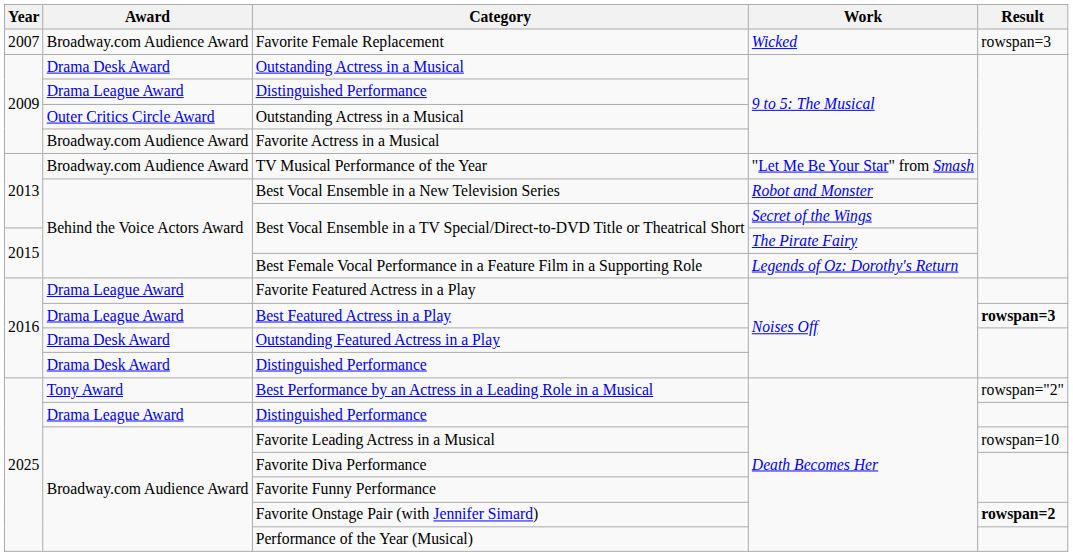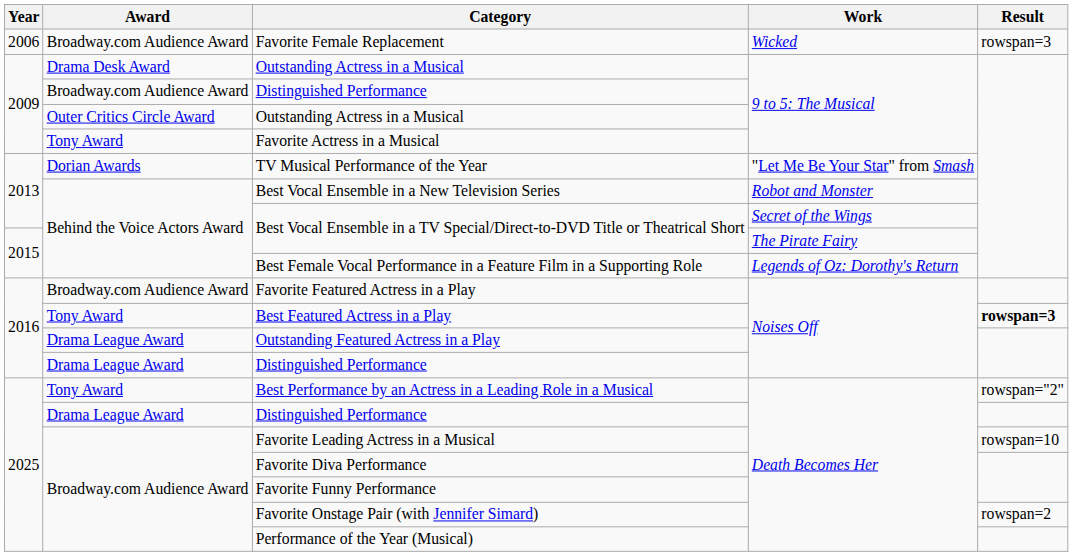 <table class="wikitable sortable">
 <tr>
 <th>Year</th>
 <th>Award</th>
 <th>Category</th>
 <th>Work</th>
 <th>Result</th>
 </tr>
 <tr>
-<td>2007</td>
+<td>2006</td>
 <td>Broadway.com Audience Award</td>
 <td>Favorite Female Replacement</td>
 <td><em><a href='#'>Wicked</a></em></td>
 <td>rowspan=3 </td>
 </tr>
 <tr>
 <td rowspan=4>2009</td>
 <td><a href='#'>Drama Desk Award</a></td>
 <td><a href='#'>Outstanding Actress in a Musical</a></td>
 <td rowspan=4><em><a href='#'>9 to 5: The Musical</a></em></td>
 </tr>
 <tr>
-<td><a href='#'>Drama League Award</a></td>
+<td>Broadway.com Audience Award</td>
 <td><a href='#'>Distinguished Performance</a></td>
 </tr>
 <tr>
 <td><a href='#'>Outer Critics Circle Award</a></td>
 <td>Outstanding Actress in a Musical</td>
 </tr>
 <tr>
-<td>Broadway.com Audience Award</td>
+<td><a href='#'>Tony Award</a></td>
 <td>Favorite Actress in a Musical</td>
 </tr>
 <tr>
 <td rowspan=3>2013</td>
-<td>Broadway.com Audience Award</td>
+<td><a href='#'>Dorian Awards</a></td>
 <td>TV Musical Performance of the Year</td>
 <td>"<a href='#'>Let Me Be Your Star</a>" from <em><a href='#'>Smash</a></em></td>
 </tr>
 <tr>
 <td rowspan=4>Behind the Voice Actors Award</td>
 <td>Best Vocal Ensemble in a New Television Series</td>
 <td><em><a href='#'>Robot and Monster</a></em></td>
 </tr>
 <tr>
 <td rowspan=2>Best Vocal Ensemble in a TV Special/Direct-to-DVD Title or Theatrical Short</td>
 <td><em><a href='#'>Secret of the Wings</a></em></td>
 </tr>
 <tr>
 <td rowspan=2>2015</td>
 <td><em><a href='#'>The Pirate Fairy</a></em></td>
 </tr>
 <tr>
 <td>Best Female Vocal Performance in a Feature Film in a Supporting Role</td>
 <td><em><a href='#'>Legends of Oz: Dorothy's Return</a></em></td>
 </tr>
 <tr>
 <td rowspan=4>2016</td>
-<td><a href='#'>Drama League Award</a></td>
+<td>Broadway.com Audience Award</td>
 <td>Favorite Featured Actress in a Play</td>
 <td rowspan=4><em><a href='#'>Noises Off</a></em></td>
 <td></td>
 </tr>
 <tr>
-<td><a href='#'>Drama League Award</a></td>
+<td><a href='#'>Tony Award</a></td>
 <td><a href='#'>Best Featured Actress in a Play</a></td>
 <td><strong>rowspan=3 </strong></td>
 </tr>
 <tr>
-<td><a href='#'>Drama Desk Award</a></td>
+<td><a href='#'>Drama League Award</a></td>
 <td><a href='#'>Outstanding Featured Actress in a Play</a></td>
 </tr>
 <tr>
-<td><a href='#'>Drama Desk Award</a></td>
+<td><a href='#'>Drama League Award</a></td>
 <td><a href='#'>Distinguished Performance</a></td>
 </tr>
 <tr>
 <td rowspan="7">2025</td>
 <td><a href='#'>Tony Award</a></td>
 <td><a href='#'>Best Performance by an Actress in a Leading Role in a Musical</a></td>
 <td rowspan="7"><a href='#'><em>Death Becomes Her</em></a></td>
 <td>rowspan="2" </td>
 </tr>
 <tr>
 <td><a href='#'>Drama League Award</a></td>
 <td><a href='#'>Distinguished Performance</a></td>
 </tr>
 <tr>
 <td rowspan=5>Broadway.com Audience Award</td>
 <td>Favorite Leading Actress in a Musical</td>
 <td>rowspan=10 </td>
 </tr>
 <tr>
 <td>Favorite Diva Performance</td>
 </tr>
 <tr>
 <td>Favorite Funny Performance</td>
 </tr>
 <tr>
 <td>Favorite Onstage Pair (with <a href='#'>Jennifer Simard</a>)</td>
-<td><strong>rowspan=2 </strong></td>
+<td>rowspan=2 </td>
 </tr>
 <tr>
 <td>Performance of the Year (Musical)</td>
 </tr>
 </table>
